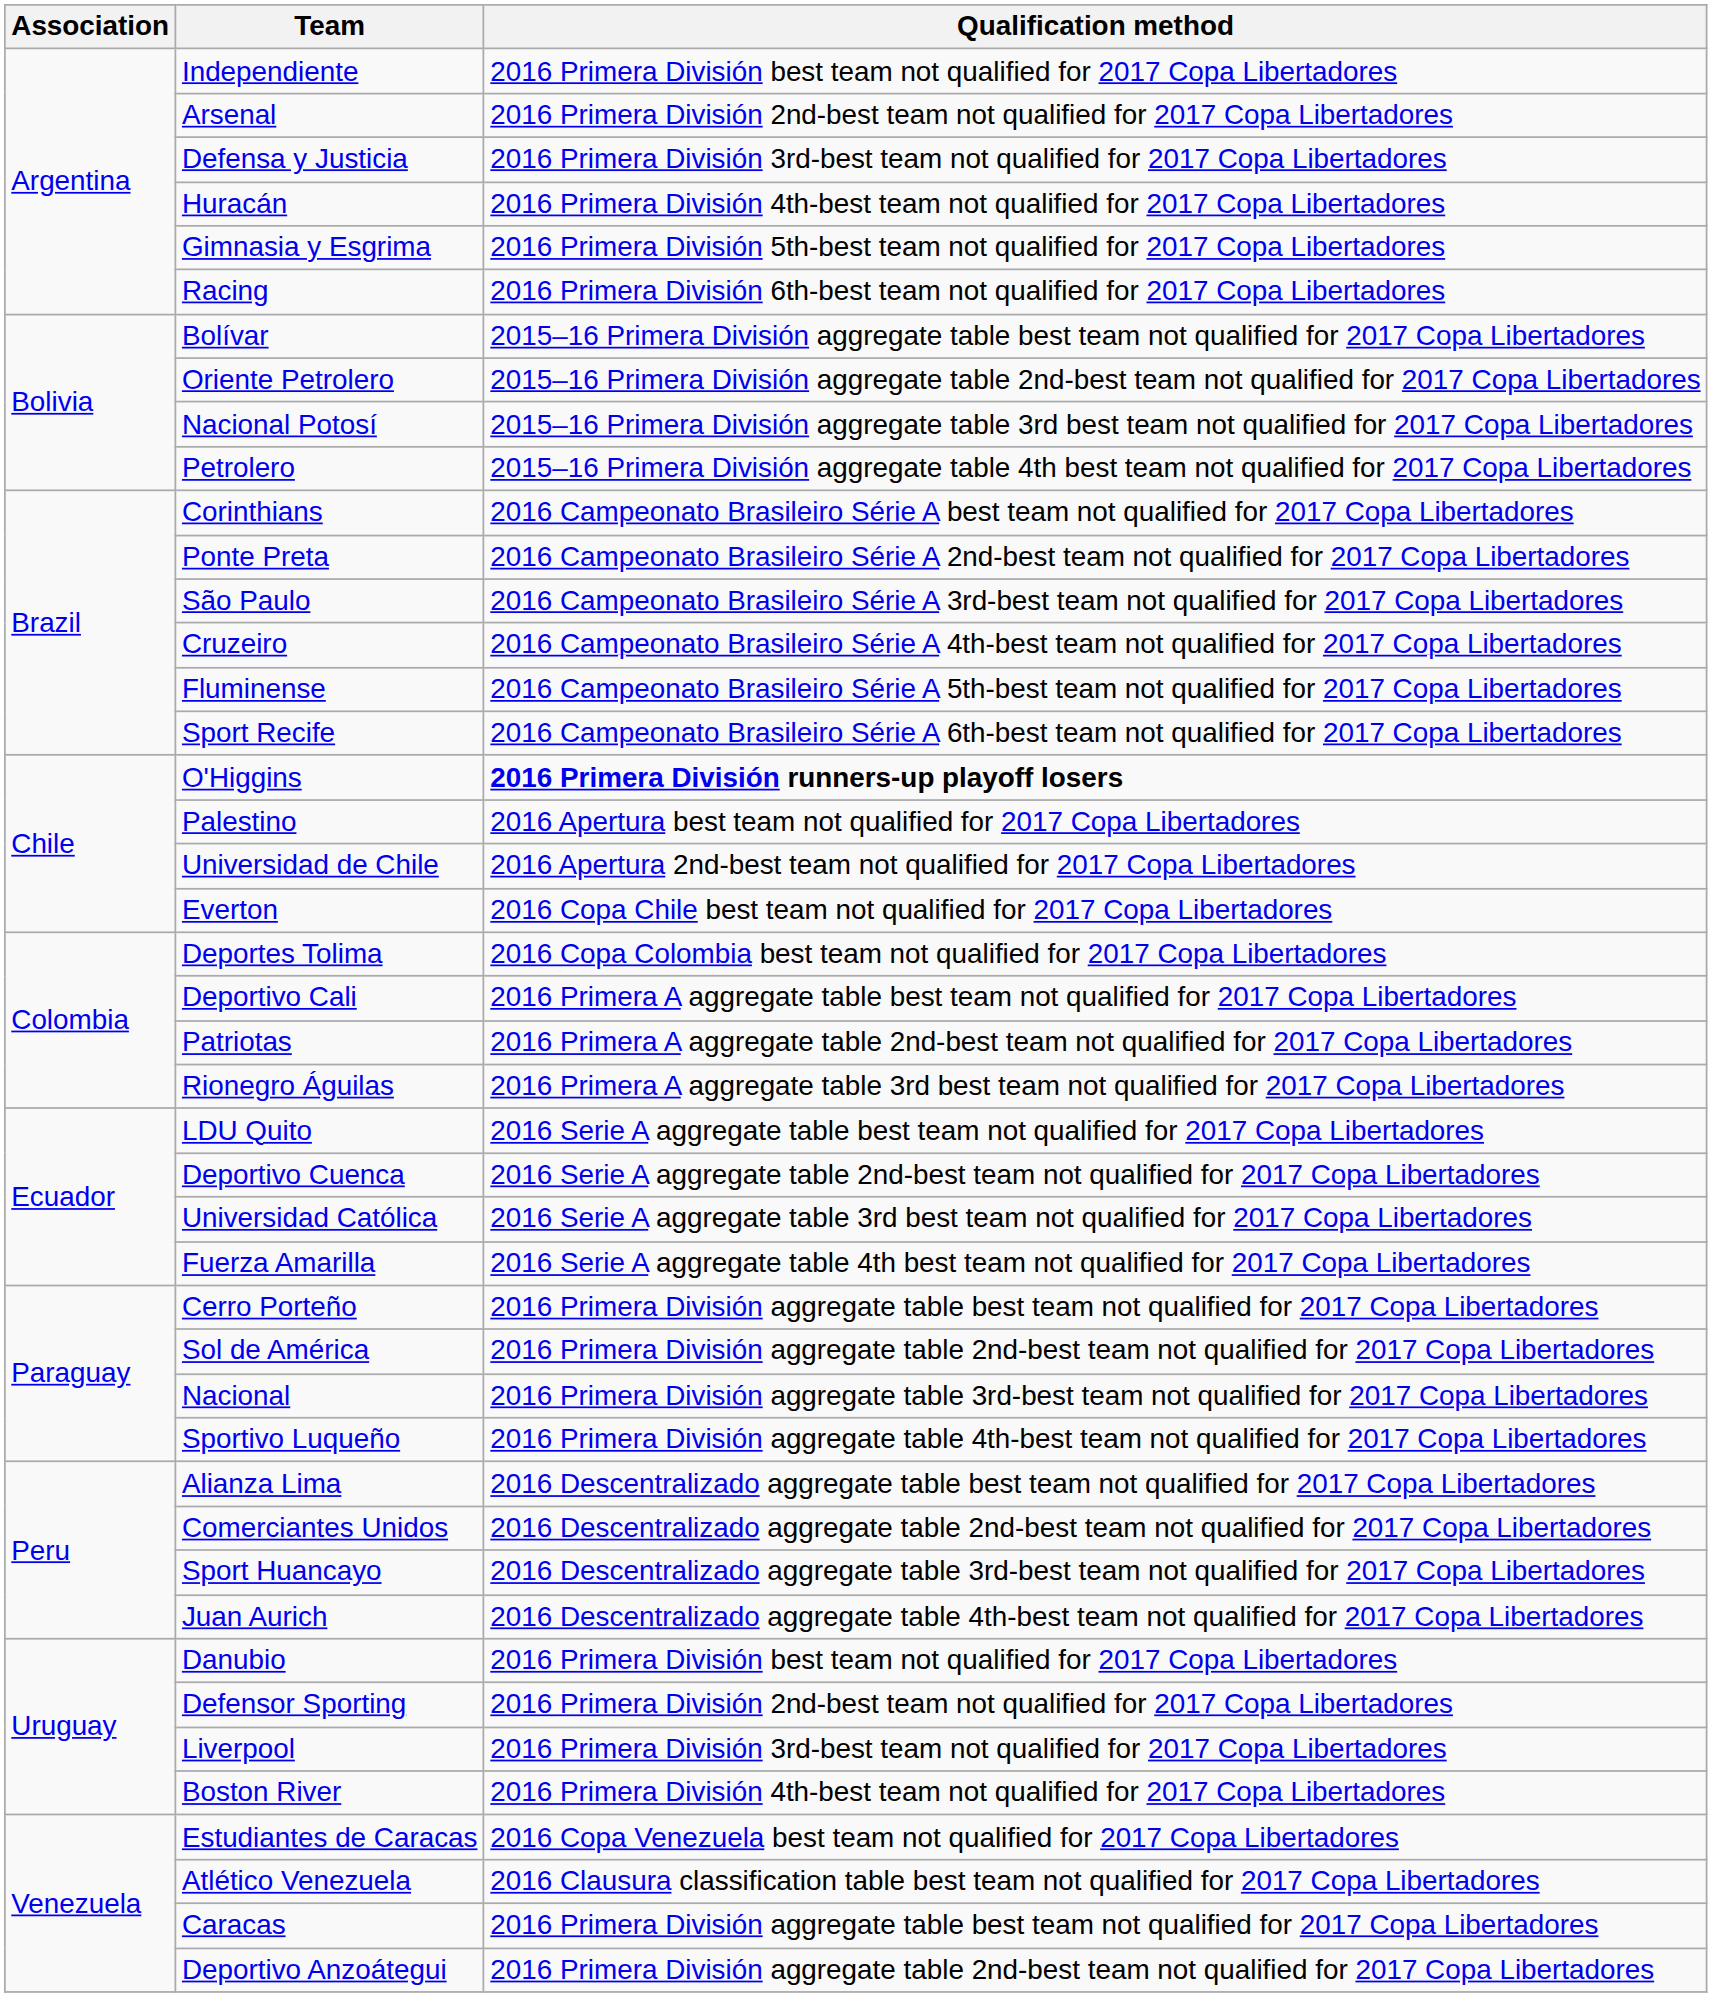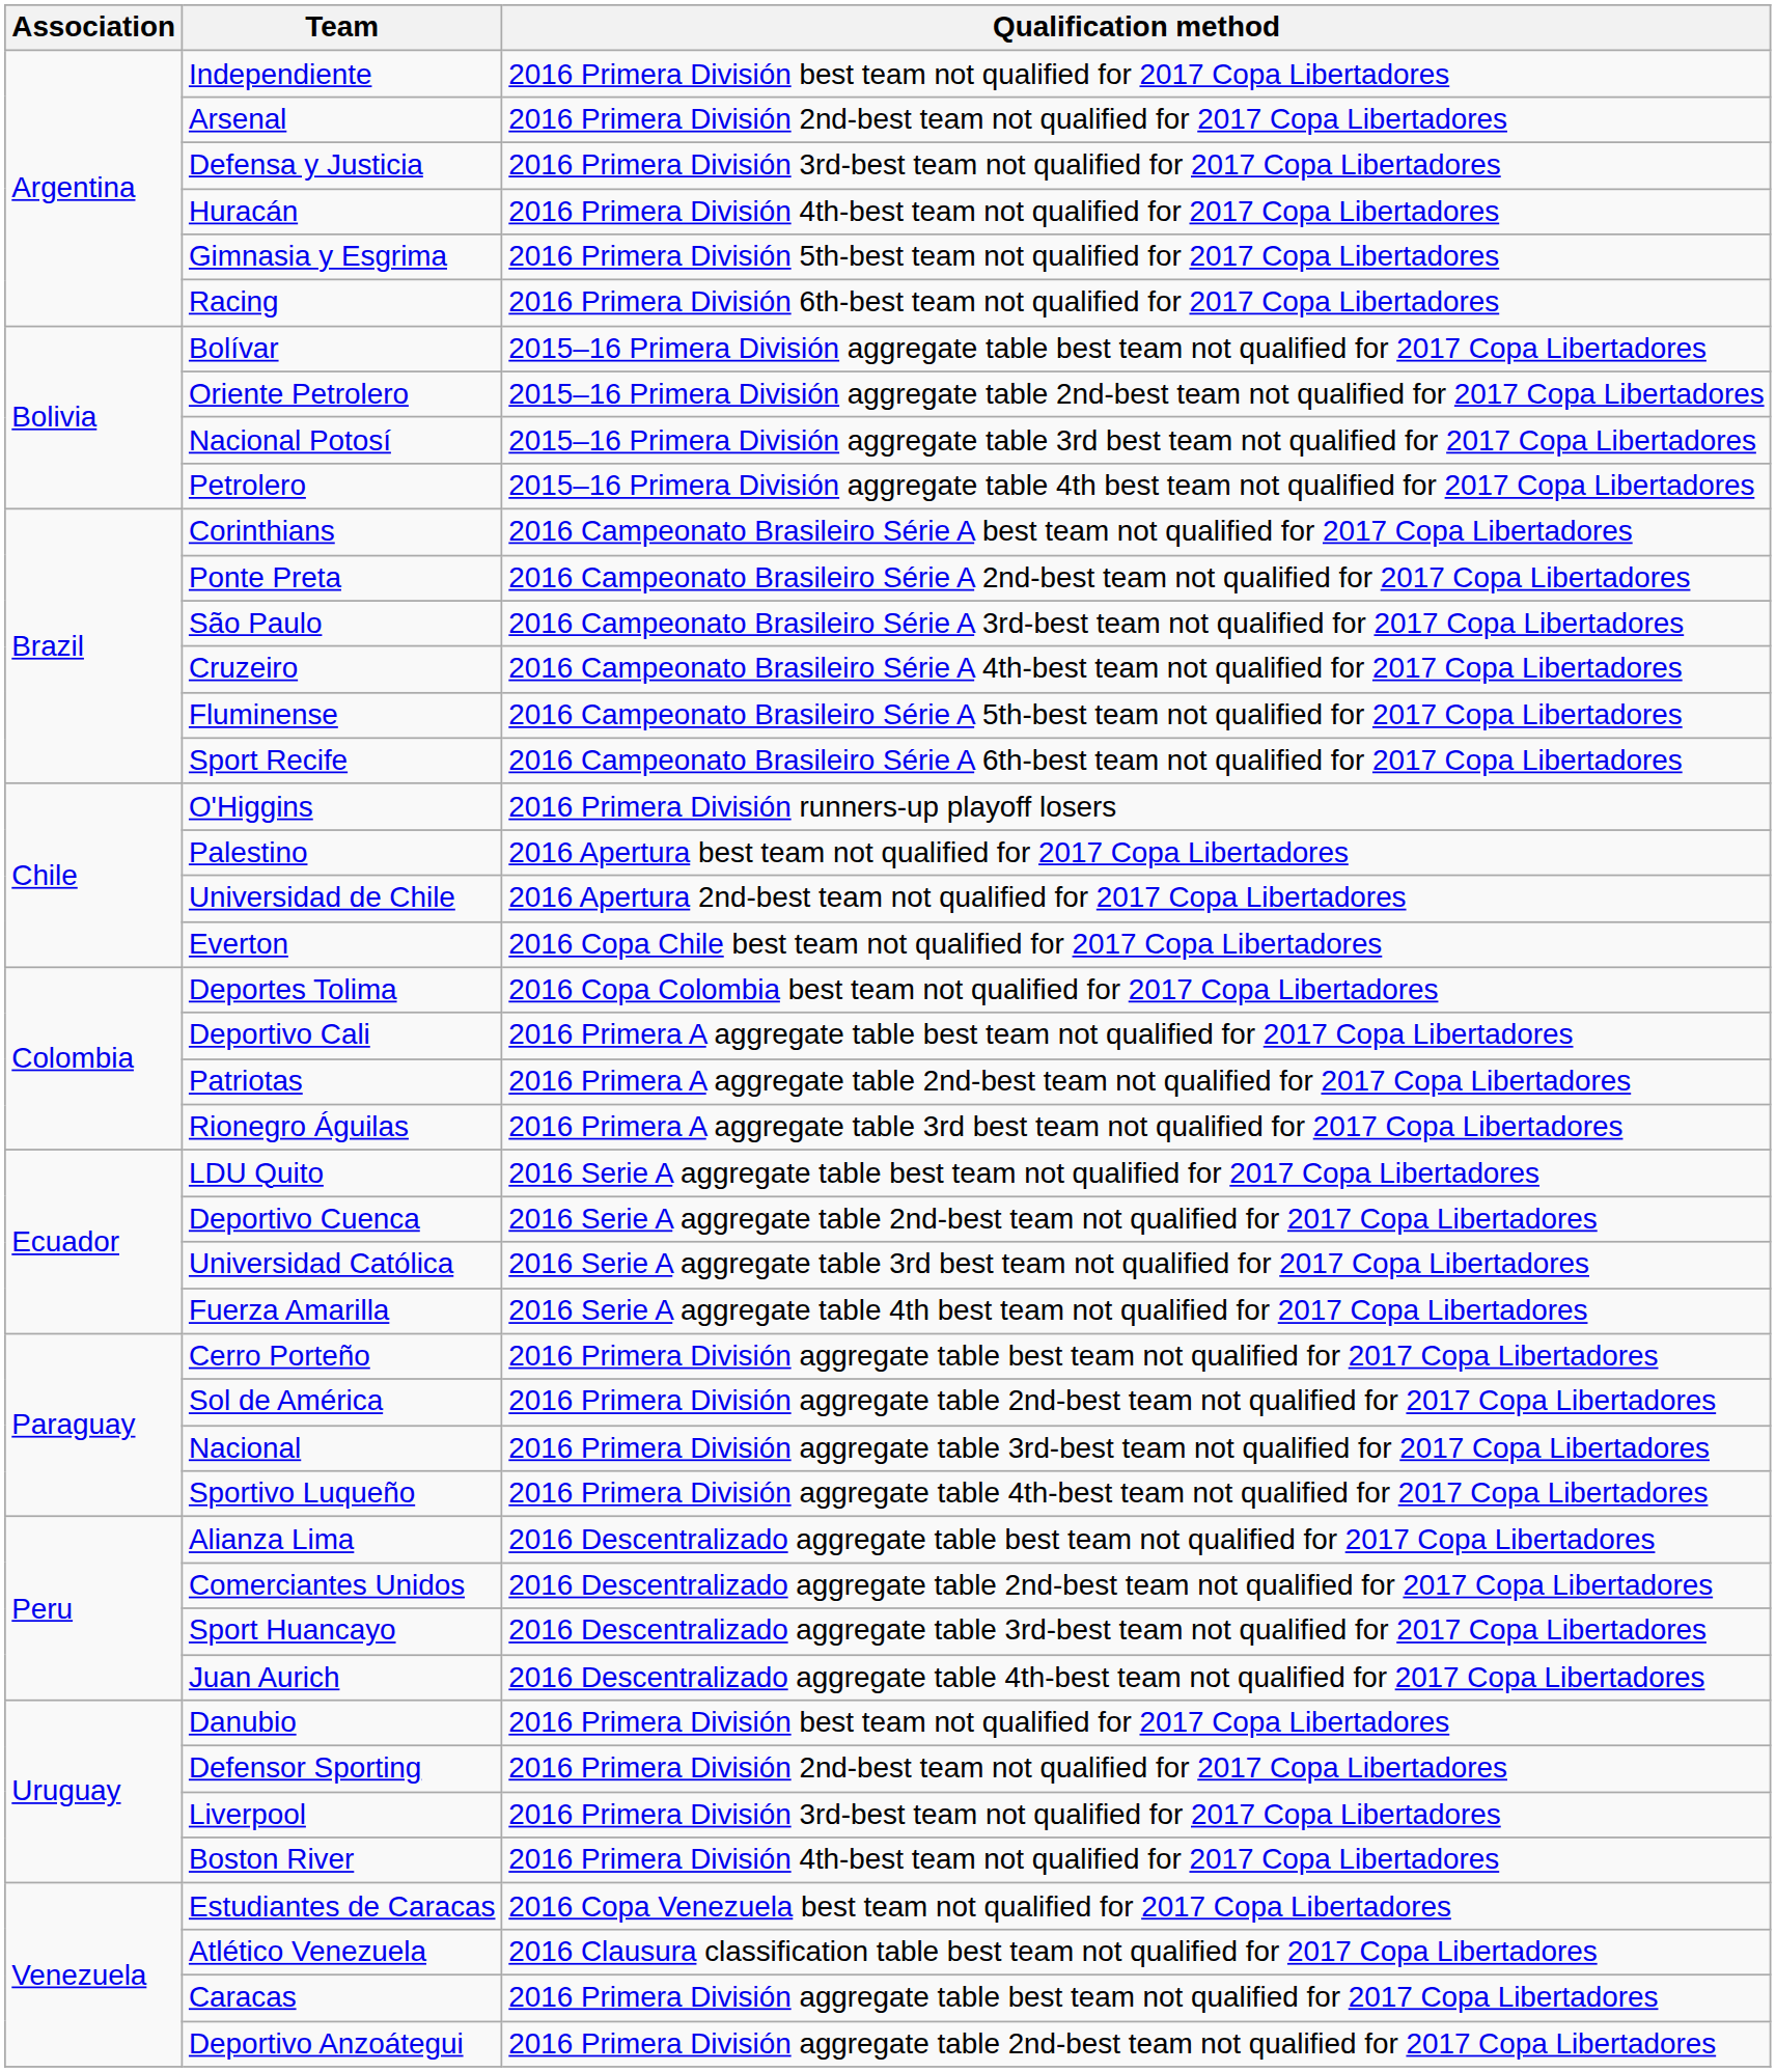 <table class="wikitable">
 <tr>
 <th>Association</th>
 <th>Team </th>
 <th>Qualification method</th>
 </tr>
 <tr>
 <td rowspan=6> <a href='#'>Argentina</a><br></td>
 <td><a href='#'>Independiente</a> </td>
 <td><a href='#'>2016 Primera División</a> best team not qualified for <a href='#'>2017 Copa Libertadores</a></td>
 </tr>
 <tr>
 <td><a href='#'>Arsenal</a> </td>
 <td><a href='#'>2016 Primera División</a> 2nd-best team not qualified for <a href='#'>2017 Copa Libertadores</a></td>
 </tr>
 <tr>
 <td><a href='#'>Defensa y Justicia</a> </td>
 <td><a href='#'>2016 Primera División</a> 3rd-best team not qualified for <a href='#'>2017 Copa Libertadores</a></td>
 </tr>
 <tr>
 <td><a href='#'>Huracán</a> </td>
 <td><a href='#'>2016 Primera División</a> 4th-best team not qualified for <a href='#'>2017 Copa Libertadores</a></td>
 </tr>
 <tr>
 <td><a href='#'>Gimnasia y Esgrima</a> </td>
 <td><a href='#'>2016 Primera División</a> 5th-best team not qualified for <a href='#'>2017 Copa Libertadores</a></td>
 </tr>
 <tr>
 <td><a href='#'>Racing</a> </td>
 <td><a href='#'>2016 Primera División</a> 6th-best team not qualified for <a href='#'>2017 Copa Libertadores</a></td>
 </tr>
 <tr>
 <td rowspan=4> <a href='#'>Bolivia</a><br></td>
 <td><a href='#'>Bolívar</a> </td>
 <td><a href='#'>2015–16 Primera División</a> aggregate table best team not qualified for <a href='#'>2017 Copa Libertadores</a></td>
 </tr>
 <tr>
 <td><a href='#'>Oriente Petrolero</a> </td>
 <td><a href='#'>2015–16 Primera División</a> aggregate table 2nd-best team not qualified for <a href='#'>2017 Copa Libertadores</a></td>
 </tr>
 <tr>
 <td><a href='#'>Nacional Potosí</a> </td>
 <td><a href='#'>2015–16 Primera División</a> aggregate table 3rd best team not qualified for <a href='#'>2017 Copa Libertadores</a></td>
 </tr>
 <tr>
 <td><a href='#'>Petrolero</a> </td>
 <td><a href='#'>2015–16 Primera División</a> aggregate table 4th best team not qualified for <a href='#'>2017 Copa Libertadores</a></td>
 </tr>
 <tr>
 <td rowspan=6> <a href='#'>Brazil</a><br></td>
 <td><a href='#'>Corinthians</a> </td>
 <td><a href='#'>2016 Campeonato Brasileiro Série A</a> best team not qualified for <a href='#'>2017 Copa Libertadores</a></td>
 </tr>
 <tr>
 <td><a href='#'>Ponte Preta</a> </td>
 <td><a href='#'>2016 Campeonato Brasileiro Série A</a> 2nd-best team not qualified for <a href='#'>2017 Copa Libertadores</a></td>
 </tr>
 <tr>
 <td><a href='#'>São Paulo</a> </td>
 <td><a href='#'>2016 Campeonato Brasileiro Série A</a> 3rd-best team not qualified for <a href='#'>2017 Copa Libertadores</a></td>
 </tr>
 <tr>
 <td><a href='#'>Cruzeiro</a> </td>
 <td><a href='#'>2016 Campeonato Brasileiro Série A</a> 4th-best team not qualified for <a href='#'>2017 Copa Libertadores</a></td>
 </tr>
 <tr>
 <td><a href='#'>Fluminense</a> </td>
 <td><a href='#'>2016 Campeonato Brasileiro Série A</a> 5th-best team not qualified for <a href='#'>2017 Copa Libertadores</a></td>
 </tr>
 <tr>
 <td><a href='#'>Sport Recife</a> </td>
 <td><a href='#'>2016 Campeonato Brasileiro Série A</a> 6th-best team not qualified for <a href='#'>2017 Copa Libertadores</a></td>
 </tr>
 <tr>
 <td rowspan=4> <a href='#'>Chile</a><br></td>
 <td><a href='#'>O'Higgins</a> </td>
-<td><strong><a href='#'>2016 Primera División</a> runners-up playoff losers</strong></td>
+<td><a href='#'>2016 Primera División</a> runners-up playoff losers</td>
 </tr>
 <tr>
 <td><a href='#'>Palestino</a> </td>
 <td><a href='#'>2016 Apertura</a> best team not qualified for <a href='#'>2017 Copa Libertadores</a></td>
 </tr>
 <tr>
 <td><a href='#'>Universidad de Chile</a> </td>
 <td><a href='#'>2016 Apertura</a> 2nd-best team not qualified for <a href='#'>2017 Copa Libertadores</a></td>
 </tr>
 <tr>
 <td><a href='#'>Everton</a> </td>
 <td><a href='#'>2016 Copa Chile</a> best team not qualified for <a href='#'>2017 Copa Libertadores</a></td>
 </tr>
 <tr>
 <td rowspan=4> <a href='#'>Colombia</a><br></td>
 <td><a href='#'>Deportes Tolima</a> </td>
 <td><a href='#'>2016 Copa Colombia</a> best team not qualified for <a href='#'>2017 Copa Libertadores</a></td>
 </tr>
 <tr>
 <td><a href='#'>Deportivo Cali</a> </td>
 <td><a href='#'>2016 Primera A</a> aggregate table best team not qualified for <a href='#'>2017 Copa Libertadores</a></td>
 </tr>
 <tr>
 <td><a href='#'>Patriotas</a> </td>
 <td><a href='#'>2016 Primera A</a> aggregate table 2nd-best team not qualified for <a href='#'>2017 Copa Libertadores</a></td>
 </tr>
 <tr>
 <td><a href='#'>Rionegro Águilas</a> </td>
 <td><a href='#'>2016 Primera A</a> aggregate table 3rd best team not qualified for <a href='#'>2017 Copa Libertadores</a></td>
 </tr>
 <tr>
 <td rowspan=4> <a href='#'>Ecuador</a><br></td>
 <td><a href='#'>LDU Quito</a> </td>
 <td><a href='#'>2016 Serie A</a> aggregate table best team not qualified for <a href='#'>2017 Copa Libertadores</a></td>
 </tr>
 <tr>
 <td><a href='#'>Deportivo Cuenca</a> </td>
 <td><a href='#'>2016 Serie A</a> aggregate table 2nd-best team not qualified for <a href='#'>2017 Copa Libertadores</a></td>
 </tr>
 <tr>
 <td><a href='#'>Universidad Católica</a> </td>
 <td><a href='#'>2016 Serie A</a> aggregate table 3rd best team not qualified for <a href='#'>2017 Copa Libertadores</a></td>
 </tr>
 <tr>
 <td><a href='#'>Fuerza Amarilla</a> </td>
 <td><a href='#'>2016 Serie A</a> aggregate table 4th best team not qualified for <a href='#'>2017 Copa Libertadores</a></td>
 </tr>
 <tr>
 <td rowspan=4> <a href='#'>Paraguay</a><br></td>
 <td><a href='#'>Cerro Porteño</a> </td>
 <td><a href='#'>2016 Primera División</a> aggregate table best team not qualified for <a href='#'>2017 Copa Libertadores</a></td>
 </tr>
 <tr>
 <td><a href='#'>Sol de América</a> </td>
 <td><a href='#'>2016 Primera División</a> aggregate table 2nd-best team not qualified for <a href='#'>2017 Copa Libertadores</a></td>
 </tr>
 <tr>
 <td><a href='#'>Nacional</a> </td>
 <td><a href='#'>2016 Primera División</a> aggregate table 3rd-best team not qualified for <a href='#'>2017 Copa Libertadores</a></td>
 </tr>
 <tr>
 <td><a href='#'>Sportivo Luqueño</a> </td>
 <td><a href='#'>2016 Primera División</a> aggregate table 4th-best team not qualified for <a href='#'>2017 Copa Libertadores</a></td>
 </tr>
 <tr>
 <td rowspan=4> <a href='#'>Peru</a><br></td>
 <td><a href='#'>Alianza Lima</a> </td>
 <td><a href='#'>2016 Descentralizado</a> aggregate table best team not qualified for <a href='#'>2017 Copa Libertadores</a></td>
 </tr>
 <tr>
 <td><a href='#'>Comerciantes Unidos</a> </td>
 <td><a href='#'>2016 Descentralizado</a> aggregate table 2nd-best team not qualified for <a href='#'>2017 Copa Libertadores</a></td>
 </tr>
 <tr>
 <td><a href='#'>Sport Huancayo</a> </td>
 <td><a href='#'>2016 Descentralizado</a> aggregate table 3rd-best team not qualified for <a href='#'>2017 Copa Libertadores</a></td>
 </tr>
 <tr>
 <td><a href='#'>Juan Aurich</a> </td>
 <td><a href='#'>2016 Descentralizado</a> aggregate table 4th-best team not qualified for <a href='#'>2017 Copa Libertadores</a></td>
 </tr>
 <tr>
 <td rowspan=4> <a href='#'>Uruguay</a><br></td>
 <td><a href='#'>Danubio</a> </td>
 <td><a href='#'>2016 Primera División</a> best team not qualified for <a href='#'>2017 Copa Libertadores</a></td>
 </tr>
 <tr>
 <td><a href='#'>Defensor Sporting</a> </td>
 <td><a href='#'>2016 Primera División</a> 2nd-best team not qualified for <a href='#'>2017 Copa Libertadores</a></td>
 </tr>
 <tr>
 <td><a href='#'>Liverpool</a> </td>
 <td><a href='#'>2016 Primera División</a> 3rd-best team not qualified for <a href='#'>2017 Copa Libertadores</a></td>
 </tr>
 <tr>
 <td><a href='#'>Boston River</a> </td>
 <td><a href='#'>2016 Primera División</a> 4th-best team not qualified for <a href='#'>2017 Copa Libertadores</a></td>
 </tr>
 <tr>
 <td rowspan=4> <a href='#'>Venezuela</a><br></td>
 <td><a href='#'>Estudiantes de Caracas</a> </td>
 <td><a href='#'>2016 Copa Venezuela</a> best team not qualified for <a href='#'>2017 Copa Libertadores</a></td>
 </tr>
 <tr>
 <td><a href='#'>Atlético Venezuela</a> </td>
 <td><a href='#'>2016 Clausura</a> classification table best team not qualified for <a href='#'>2017 Copa Libertadores</a></td>
 </tr>
 <tr>
 <td><a href='#'>Caracas</a> </td>
 <td><a href='#'>2016 Primera División</a> aggregate table best team not qualified for <a href='#'>2017 Copa Libertadores</a></td>
 </tr>
 <tr>
 <td><a href='#'>Deportivo Anzoátegui</a> </td>
 <td><a href='#'>2016 Primera División</a> aggregate table 2nd-best team not qualified for <a href='#'>2017 Copa Libertadores</a></td>
 </tr>
 </table>
